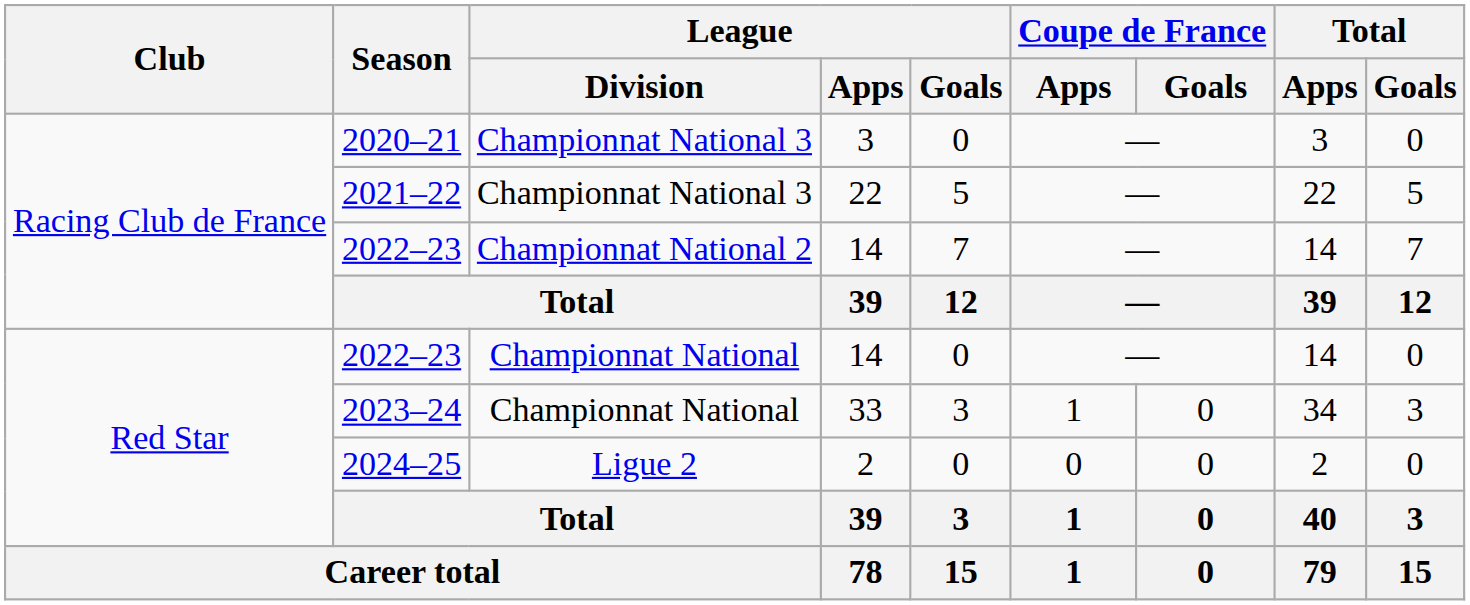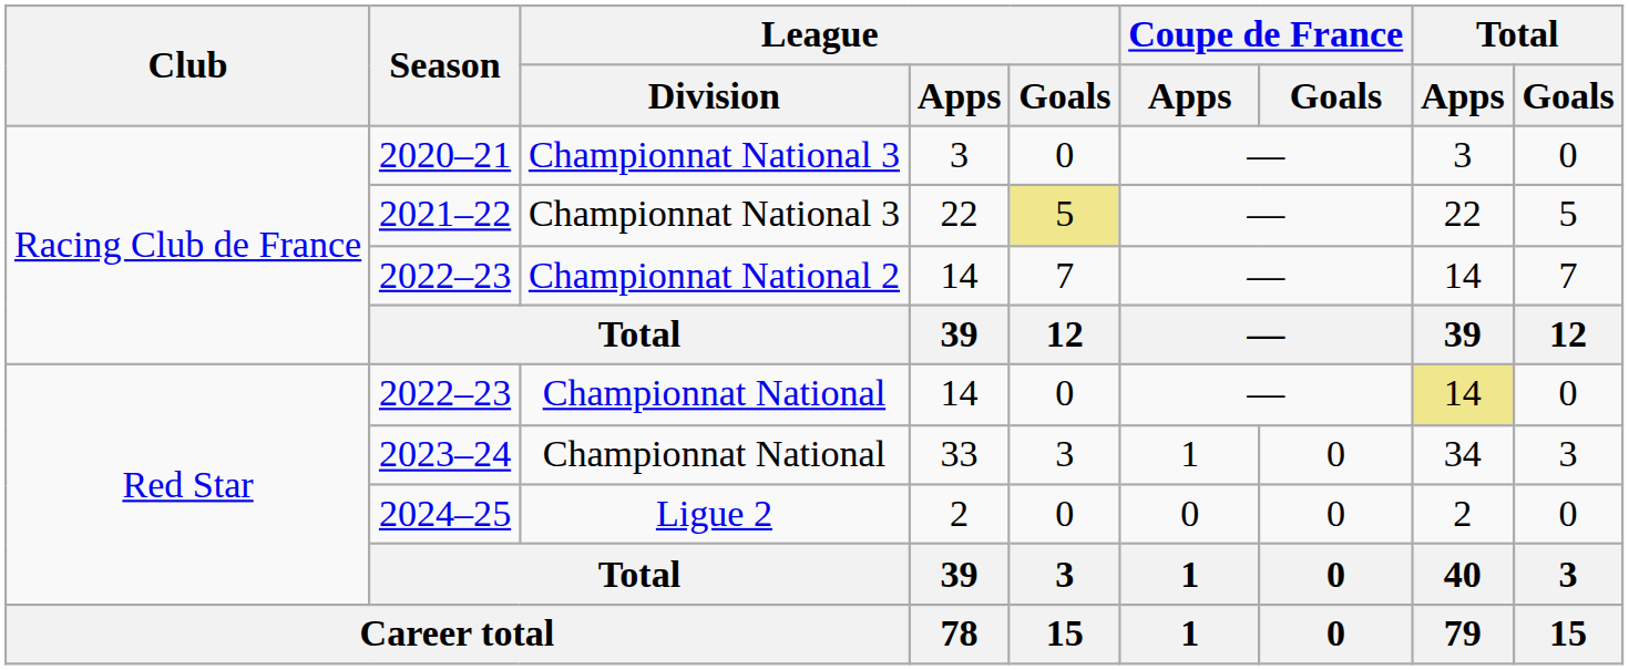 <table class="wikitable" style="text-align:center">
 <tr>
 <th rowspan="2">Club</th>
 <th rowspan="2">Season</th>
 <th colspan="3">League</th>
 <th colspan="2"><a href='#'>Coupe de France</a></th>
 <th colspan="2">Total</th>
 </tr>
 <tr>
 <th>Division</th>
 <th>Apps</th>
 <th>Goals</th>
 <th>Apps</th>
 <th>Goals</th>
 <th>Apps</th>
 <th>Goals</th>
 </tr>
 <tr>
 <td rowspan="4"><a href='#'>Racing Club de France</a></td>
 <td><a href='#'>2020–21</a></td>
 <td><a href='#'>Championnat National 3</a></td>
 <td>3</td>
 <td>0</td>
 <td colspan="2">—</td>
 <td>3</td>
 <td>0</td>
 </tr>
 <tr>
 <td><a href='#'>2021–22</a></td>
 <td>Championnat National 3</td>
 <td>22</td>
-<td>5</td>
+<td style="background: khaki;">5</td>
 <td colspan="2">—</td>
 <td>22</td>
 <td>5</td>
 </tr>
 <tr>
 <td><a href='#'>2022–23</a></td>
 <td><a href='#'>Championnat National 2</a></td>
 <td>14</td>
 <td>7</td>
 <td colspan="2">—</td>
 <td>14</td>
 <td>7</td>
 </tr>
 <tr>
 <th colspan="2">Total</th>
 <th>39</th>
 <th>12</th>
 <th colspan="2">—</th>
 <th>39</th>
 <th>12</th>
 </tr>
 <tr>
 <td rowspan="4"><a href='#'>Red Star</a></td>
 <td><a href='#'>2022–23</a></td>
 <td><a href='#'>Championnat National</a></td>
 <td>14</td>
 <td>0</td>
 <td colspan="2">—</td>
-<td>14</td>
+<td style="background: khaki;">14</td>
 <td>0</td>
 </tr>
 <tr>
 <td><a href='#'>2023–24</a></td>
 <td>Championnat National</td>
 <td>33</td>
 <td>3</td>
 <td>1</td>
 <td>0</td>
 <td>34</td>
 <td>3</td>
 </tr>
 <tr>
 <td><a href='#'>2024–25</a></td>
 <td><a href='#'>Ligue 2</a></td>
 <td>2</td>
 <td>0</td>
 <td>0</td>
 <td>0</td>
 <td>2</td>
 <td>0</td>
 </tr>
 <tr>
 <th colspan="2">Total</th>
 <th>39</th>
 <th>3</th>
 <th>1</th>
 <th>0</th>
 <th>40</th>
 <th>3</th>
 </tr>
 <tr>
 <th colspan="3">Career total</th>
 <th>78</th>
 <th>15</th>
 <th>1</th>
 <th>0</th>
 <th>79</th>
 <th>15</th>
 </tr>
 </table>
